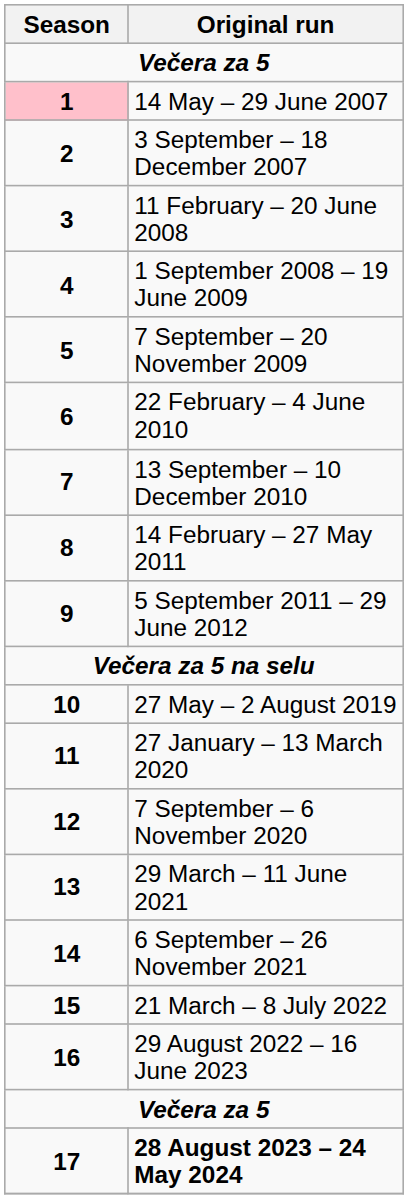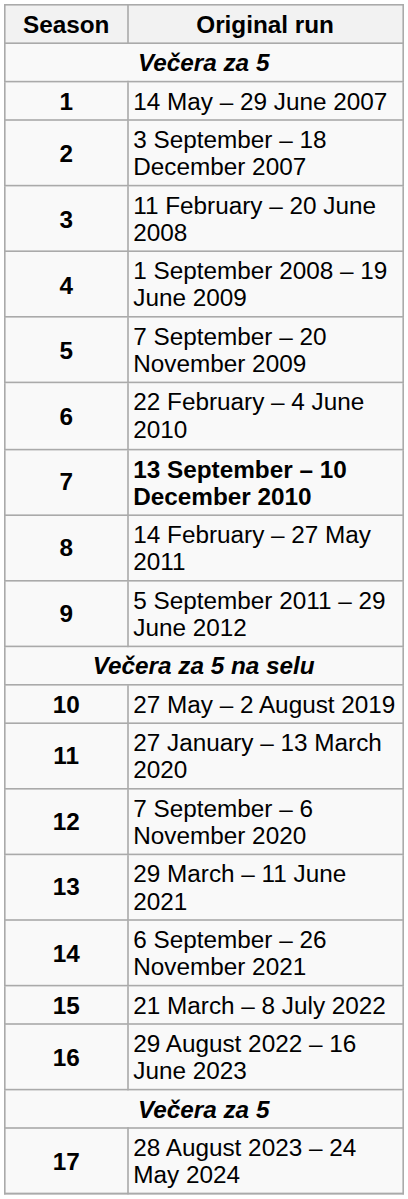 <table class="wikitable plainrowheaders" style="font-size:95%; width:40%;">
 <tr>
 <th scope="col" width=2%>Season</th>
 <th scope="col" width=11%>Original run</th>
 </tr>
 <tr>
 <td style="text-align:center;" colspan="2"><strong><em>Večera za 5</em></strong></td>
 </tr>
 <tr>
-<td style="background: pink; text-align:center;"><strong>1</strong></td>
+<td style="text-align:center;"><strong>1</strong></td>
 <td>14 May – 29 June 2007</td>
 </tr>
 <tr>
 <td style="text-align:center;"><strong>2</strong></td>
 <td>3 September – 18 December 2007</td>
 </tr>
 <tr>
 <td style="text-align:center;"><strong>3</strong></td>
 <td>11 February – 20 June 2008</td>
 </tr>
 <tr>
 <td style="text-align:center;"><strong>4</strong></td>
 <td>1 September 2008 – 19 June 2009</td>
 </tr>
 <tr>
 <td style="text-align:center;"><strong>5</strong></td>
 <td>7 September – 20 November 2009</td>
 </tr>
 <tr>
 <td style="text-align:center;"><strong>6</strong></td>
 <td>22 February – 4 June 2010</td>
 </tr>
 <tr>
 <td style="text-align:center;"><strong>7</strong></td>
-<td>13 September – 10 December 2010</td>
+<td><strong>13 September – 10 December 2010</strong></td>
 </tr>
 <tr>
 <td style="text-align:center;"><strong>8</strong></td>
 <td>14 February – 27 May 2011</td>
 </tr>
 <tr>
 <td style="text-align:center;"><strong>9</strong></td>
 <td>5 September 2011 – 29 June 2012</td>
 </tr>
 <tr>
 <td style="text-align:center;" colspan="2"><strong><em>Večera za 5 na selu</em></strong></td>
 </tr>
 <tr>
 <td style="text-align:center;"><strong>10</strong></td>
 <td>27 May – 2 August 2019</td>
 </tr>
 <tr>
 <td style="text-align:center;"><strong>11</strong></td>
 <td>27 January – 13 March 2020</td>
 </tr>
 <tr>
 <td style="text-align:center;"><strong>12</strong></td>
 <td>7 September – 6 November 2020</td>
 </tr>
 <tr>
 <td style="text-align:center;"><strong>13</strong></td>
 <td>29 March – 11 June 2021</td>
 </tr>
 <tr>
 <td style="text-align:center;"><strong>14</strong></td>
 <td>6 September – 26 November 2021</td>
 </tr>
 <tr>
 <td style="text-align:center;"><strong>15</strong></td>
 <td>21 March – 8 July 2022</td>
 </tr>
 <tr>
 <td style="text-align:center;"><strong>16</strong></td>
 <td>29 August 2022 – 16 June 2023</td>
 </tr>
 <tr>
 <td style="text-align:center;" colspan="2"><strong><em>Večera za 5</em></strong></td>
 </tr>
 <tr>
 <td style="text-align:center;"><strong>17</strong></td>
-<td><strong>28 August 2023 – 24 May 2024</strong></td>
+<td>28 August 2023 – 24 May 2024</td>
 </tr>
 <tr>
 </tr>
 </table>
